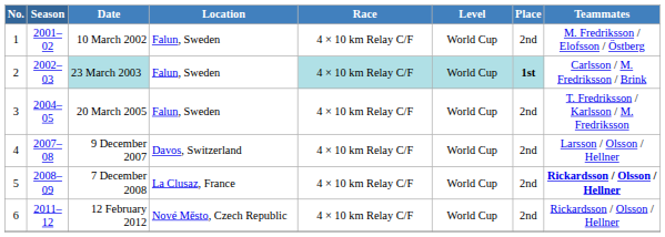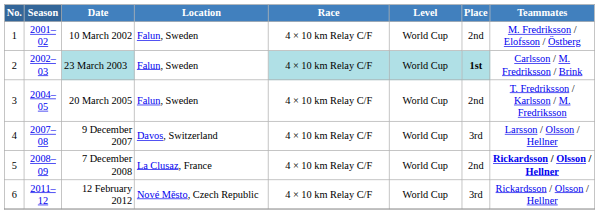 <table class="wikitable sortable" style="font-size:95%; text-align:center; border:grey solid 1px; border-collapse:collapse; background:#ffffff;">
 <tr style="background:#efefef;">
 <th style="background-color:#369; color:white;">No.</th>
 <th style="background-color:#369; color:white;">Season</th>
 <th style="background-color:#4180be; color:white; width:100px;">Date</th>
 <th style="background-color:#4180be; color:white; width:190px;">Location</th>
 <th style="background-color:#4180be; color:white; width:170px;">Race</th>
 <th style="background-color:#4180be; color:white; width:100px;">Level</th>
 <th style="background-color:#4180be; color:white;">Place</th>
 <th style="background-color:#4180be; color:white;">Teammates</th>
 </tr>
 <tr>
 <td align=center>1</td>
 <td rowspan=1 align=center><a href='#'>2001–02</a></td>
 <td align=right>10 March 2002</td>
 <td align=left> <a href='#'>Falun</a>, Sweden</td>
 <td>4 × 10 km Relay C/F</td>
 <td>World Cup</td>
 <td>2nd</td>
 <td><a href='#'>M. Fredriksson</a> / <a href='#'>Elofsson</a> / <a href='#'>Östberg</a></td>
 </tr>
 <tr>
 <td align=center>2</td>
 <td rowspan=1 align=center><a href='#'>2002–03</a></td>
 <td align=left bgcolor="#BOEOE6" align=right>23 March 2003</td>
 <td align=left> <a href='#'>Falun</a>, Sweden</td>
 <td bgcolor="#BOEOE6" align=center>4 × 10 km Relay C/F</td>
 <td bgcolor="#BOEOE6">World Cup</td>
 <td bgcolor="#BOEOE6"><strong>1st</strong></td>
 <td><a href='#'>Carlsson</a> / <a href='#'>M. Fredriksson</a> / <a href='#'>Brink</a></td>
 </tr>
 <tr>
 <td align=center>3</td>
 <td rowspan=1 align=center><a href='#'>2004–05</a></td>
 <td align=right>20 March 2005</td>
 <td align=left> <a href='#'>Falun</a>, Sweden</td>
 <td>4 × 10 km Relay C/F</td>
 <td>World Cup</td>
 <td>2nd</td>
 <td><a href='#'>T. Fredriksson</a> / <a href='#'>Karlsson</a> / <a href='#'>M. Fredriksson</a></td>
 </tr>
 <tr>
 <td align=center>4</td>
 <td rowspan=1 align=center><a href='#'>2007–08</a></td>
 <td align=right>9 December 2007</td>
 <td align=left> <a href='#'>Davos</a>, Switzerland</td>
 <td>4 × 10 km Relay C/F</td>
 <td>World Cup</td>
-<td>2nd</td>
+<td>3rd</td>
 <td><a href='#'>Larsson</a> / <a href='#'>Olsson</a> / <a href='#'>Hellner</a></td>
 </tr>
 <tr>
 <td align=center>5</td>
 <td rowspan=1 align=center><a href='#'>2008–09</a></td>
 <td align=right>7 December 2008</td>
 <td align=left> <a href='#'>La Clusaz</a>, France</td>
 <td>4 × 10 km Relay C/F</td>
 <td>World Cup</td>
 <td>2nd</td>
 <td><strong><a href='#'>Rickardsson</a> / <a href='#'>Olsson</a> / <a href='#'>Hellner</a></strong></td>
 </tr>
 <tr>
 <td align=center>6</td>
 <td rowspan=1 align=center><a href='#'>2011–12</a></td>
 <td align=right>12 February 2012</td>
 <td align=left> <a href='#'>Nové Město</a>, Czech Republic</td>
 <td>4 × 10 km Relay C/F</td>
 <td>World Cup</td>
-<td>2nd</td>
+<td>3rd</td>
 <td><a href='#'>Rickardsson</a> / <a href='#'>Olsson</a> / <a href='#'>Hellner</a></td>
 </tr>
 <tr>
 </tr>
 </table>
